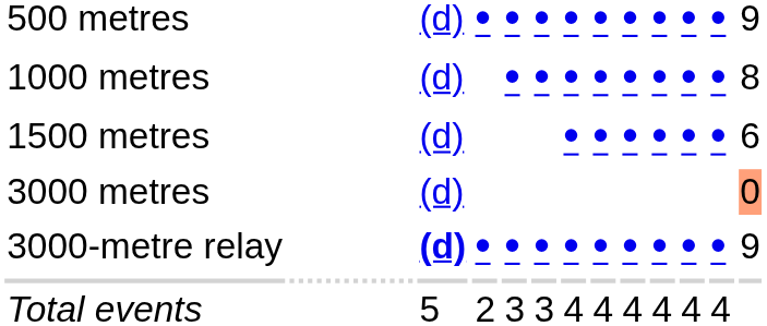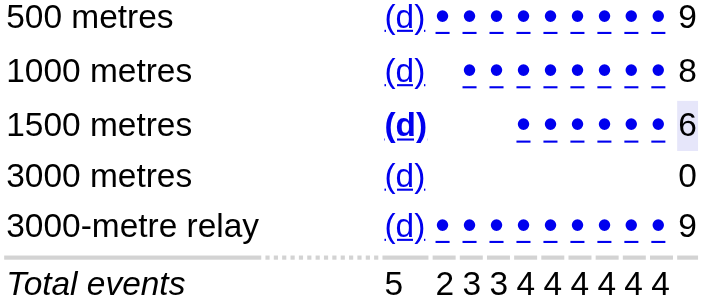 <table>
 <tr>
 <td align=left>500 metres</td>
 <td></td>
 <td></td>
 <td></td>
 <td></td>
 <td></td>
 <td></td>
 <td></td>
 <td></td>
 <td></td>
 <td></td>
 <td></td>
 <td></td>
 <td></td>
 <td></td>
 <td><a href='#'>(d)</a></td>
 <td><strong><big><a href='#'>•</a></big></strong></td>
 <td><strong><big><a href='#'>•</a></big></strong></td>
 <td><strong><big><a href='#'>•</a></big></strong></td>
 <td><strong><big><a href='#'>•</a></big></strong></td>
 <td><strong><big><a href='#'>•</a></big></strong></td>
 <td><strong><big><a href='#'>•</a></big></strong></td>
 <td><strong><big><a href='#'>•</a></big></strong></td>
 <td><strong><big><a href='#'>•</a></big></strong></td>
 <td><strong><big><a href='#'>•</a></big></strong></td>
 <td>9</td>
 </tr>
 <tr>
 <td align=left>1000 metres</td>
 <td></td>
 <td></td>
 <td></td>
 <td></td>
 <td></td>
 <td></td>
 <td></td>
 <td></td>
 <td></td>
 <td></td>
 <td></td>
 <td></td>
 <td></td>
 <td></td>
 <td><a href='#'>(d)</a></td>
 <td></td>
 <td><strong><big><a href='#'>•</a></big></strong></td>
 <td><strong><big><a href='#'>•</a></big></strong></td>
 <td><strong><big><a href='#'>•</a></big></strong></td>
 <td><strong><big><a href='#'>•</a></big></strong></td>
 <td><strong><big><a href='#'>•</a></big></strong></td>
 <td><strong><big><a href='#'>•</a></big></strong></td>
 <td><strong><big><a href='#'>•</a></big></strong></td>
 <td><strong><big><a href='#'>•</a></big></strong></td>
 <td>8</td>
 </tr>
 <tr>
 <td align=left>1500 metres</td>
 <td></td>
 <td></td>
 <td></td>
 <td></td>
 <td></td>
 <td></td>
 <td></td>
 <td></td>
 <td></td>
 <td></td>
 <td></td>
 <td></td>
 <td></td>
 <td></td>
-<td><a href='#'>(d)</a></td>
+<td><strong><a href='#'>(d)</a></strong></td>
 <td></td>
 <td></td>
 <td></td>
 <td><strong><big><a href='#'>•</a></big></strong></td>
 <td><strong><big><a href='#'>•</a></big></strong></td>
 <td><strong><big><a href='#'>•</a></big></strong></td>
 <td><strong><big><a href='#'>•</a></big></strong></td>
 <td><strong><big><a href='#'>•</a></big></strong></td>
 <td><strong><big><a href='#'>•</a></big></strong></td>
-<td>6</td>
+<td style="background: lavender;">6</td>
 </tr>
 <tr>
 <td align=left>3000 metres</td>
 <td></td>
 <td></td>
 <td></td>
 <td></td>
 <td></td>
 <td></td>
 <td></td>
 <td></td>
 <td></td>
 <td></td>
 <td></td>
 <td></td>
 <td></td>
 <td></td>
 <td><a href='#'>(d)</a></td>
 <td></td>
 <td></td>
 <td></td>
 <td></td>
 <td></td>
 <td></td>
 <td></td>
 <td></td>
 <td></td>
-<td style="background: lightsalmon;">0</td>
+<td>0</td>
 </tr>
 <tr>
 <td align=left>3000-metre relay</td>
 <td></td>
 <td></td>
 <td></td>
 <td></td>
 <td></td>
 <td></td>
 <td></td>
 <td></td>
 <td></td>
 <td></td>
 <td></td>
 <td></td>
 <td></td>
 <td></td>
-<td><strong><a href='#'>(d)</a></strong></td>
+<td><a href='#'>(d)</a></td>
 <td><strong><big><a href='#'>•</a></big></strong></td>
 <td><strong><big><a href='#'>•</a></big></strong></td>
 <td><strong><big><a href='#'>•</a></big></strong></td>
 <td><strong><big><a href='#'>•</a></big></strong></td>
 <td><strong><big><a href='#'>•</a></big></strong></td>
 <td><strong><big><a href='#'>•</a></big></strong></td>
 <td><strong><big><a href='#'>•</a></big></strong></td>
 <td><strong><big><a href='#'>•</a></big></strong></td>
 <td><strong><big><a href='#'>•</a></big></strong></td>
 <td>9</td>
 </tr>
 <tr bgcolor=lightgray>
 <td></td>
 <td></td>
 <td></td>
 <td></td>
 <td></td>
 <td></td>
 <td></td>
 <td></td>
 <td></td>
 <td></td>
 <td></td>
 <td></td>
 <td></td>
 <td></td>
 <td></td>
 <td></td>
 <td></td>
 <td></td>
 <td></td>
 <td></td>
 <td></td>
 <td></td>
 <td></td>
 <td></td>
 <td></td>
 <td></td>
 </tr>
 <tr>
 <td><em>Total events</em></td>
 <td></td>
 <td></td>
 <td></td>
 <td></td>
 <td></td>
 <td></td>
 <td></td>
 <td></td>
 <td></td>
 <td></td>
 <td></td>
 <td></td>
 <td></td>
 <td></td>
 <td>5</td>
 <td>2</td>
 <td>3</td>
 <td>3</td>
 <td>4</td>
 <td>4</td>
 <td>4</td>
 <td>4</td>
 <td>4</td>
 <td>4</td>
 <td></td>
 </tr>
 </table>
